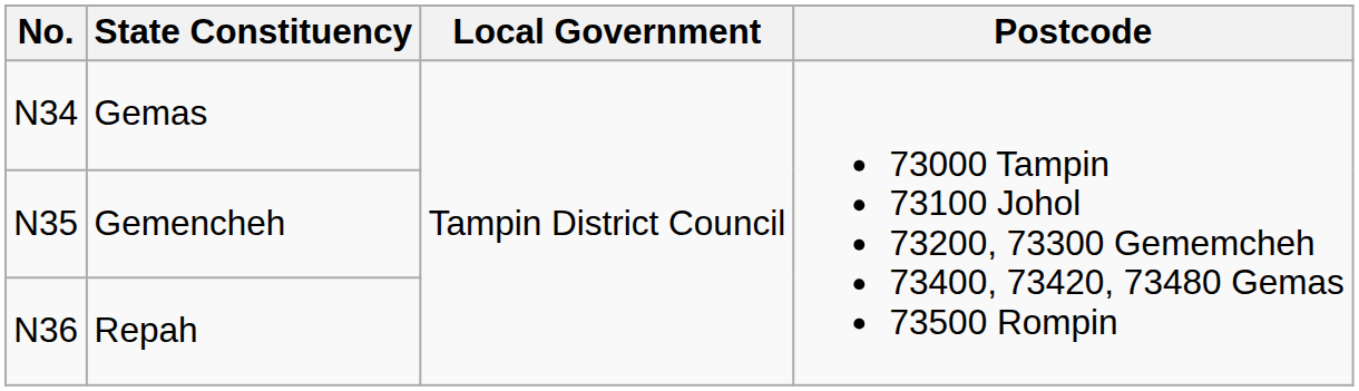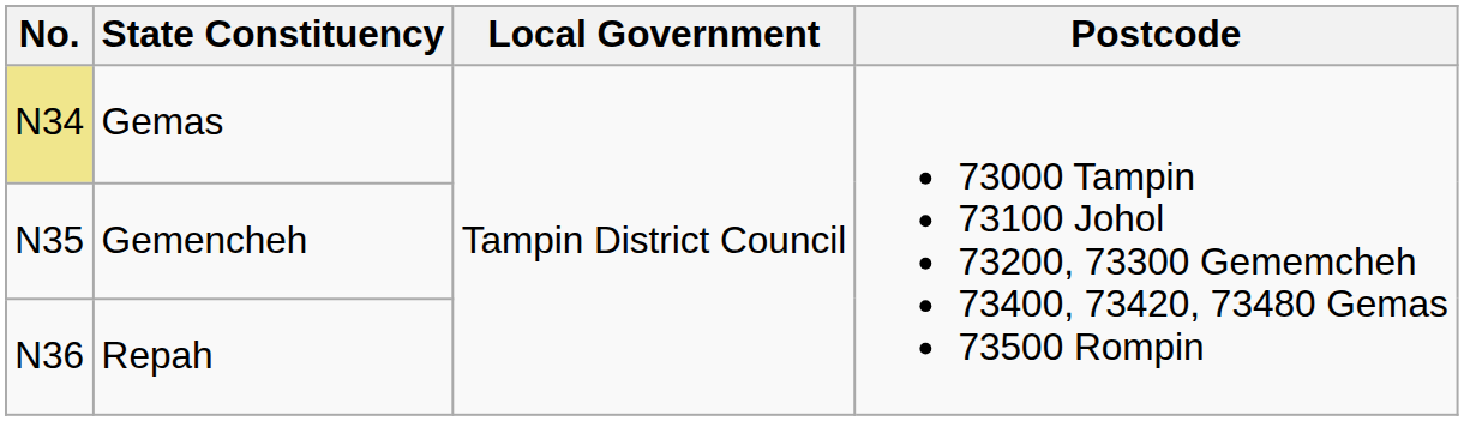 <table class="wikitable">
 <tr>
 <th>No.</th>
 <th>State Constituency</th>
 <th>Local Government</th>
 <th>Postcode</th>
 </tr>
 <tr>
-<td>N34</td>
+<td style="background: khaki;">N34</td>
 <td>Gemas</td>
 <td rowspan="3">Tampin District Council</td>
 <td rowspan="3"><br><ul><li>73000 Tampin</li><li>73100 Johol</li><li>73200, 73300 Gememcheh</li><li>73400, 73420, 73480 Gemas</li><li>73500 Rompin</li></ul></td>
 </tr>
 <tr>
 <td>N35</td>
 <td>Gemencheh</td>
 </tr>
 <tr>
 <td>N36</td>
 <td>Repah</td>
 </tr>
 </table>
